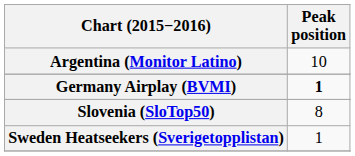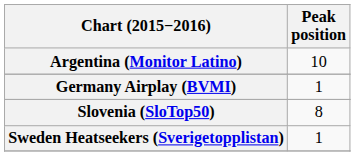 <table class="wikitable sortable plainrowheaders" style="text-align:center">
 <tr>
 <th scope="col">Chart (2015−2016)</th>
 <th scope="col">Peak<br>position</th>
 </tr>
 <tr>
 <th scope="row">Argentina (<a href='#'>Monitor Latino</a>)</th>
 <td>10</td>
 </tr>
 <tr>
 </tr>
 <tr>
 </tr>
 <tr>
 </tr>
 <tr>
 </tr>
 <tr>
 </tr>
 <tr>
 </tr>
 <tr>
 </tr>
 <tr>
 </tr>
 <tr>
 </tr>
 <tr>
 </tr>
 <tr>
 </tr>
 <tr>
 <th scope="row">Germany Airplay (<a href='#'>BVMI</a>)</th>
-<td><strong>1</strong></td>
+<td>1</td>
 </tr>
 <tr>
 </tr>
 <tr>
 </tr>
 <tr>
 </tr>
 <tr>
 </tr>
 <tr>
 </tr>
 <tr>
 </tr>
 <tr>
 </tr>
 <tr>
 <th scope="row">Slovenia (<a href='#'>SloTop50</a>)</th>
 <td>8</td>
 </tr>
 <tr>
 <th scope="row">Sweden Heatseekers (<a href='#'>Sverigetopplistan</a>)</th>
 <td>1</td>
 </tr>
 <tr>
 </tr>
 <tr>
 </tr>
 <tr>
 </tr>
 <tr>
 </tr>
 <tr>
 </tr>
 <tr>
 </tr>
 </table>
